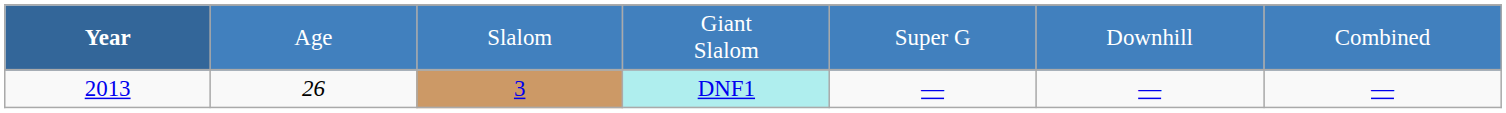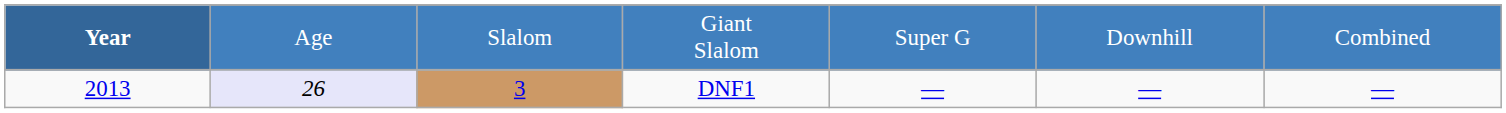 <table class="wikitable" style="font-size:95%; text-align:center; border:grey solid 1px; border-collapse:collapse;" width="50%">
 <tr style="background-color:#369; color:white;">
 <td rowspan="2" colspan="1" width="5%"><strong>Year</strong></td>
 </tr>
 <tr style="background-color:#4180be; color:white;">
 <td width="5%">Age</td>
 <td width="5%">Slalom</td>
 <td width="5%">Giant<br>Slalom</td>
 <td width="5%">Super G</td>
 <td width="5%">Downhill</td>
 <td width="5%">Combined</td>
 </tr>
 <tr style="background-color:#8CB2D8; color:white;">
 </tr>
 <tr>
 <td><a href='#'>2013</a></td>
-<td><em>26</em></td>
+<td style="background: lavender;"><em>26</em></td>
 <td bgcolor="cc9966"><a href='#'>3</a></td>
-<td style="background: paleturquoise;"><a href='#'>DNF1</a></td>
+<td><a href='#'>DNF1</a></td>
 <td><a href='#'>—</a></td>
 <td><a href='#'>—</a></td>
 <td><a href='#'>—</a></td>
 </tr>
 </table>
